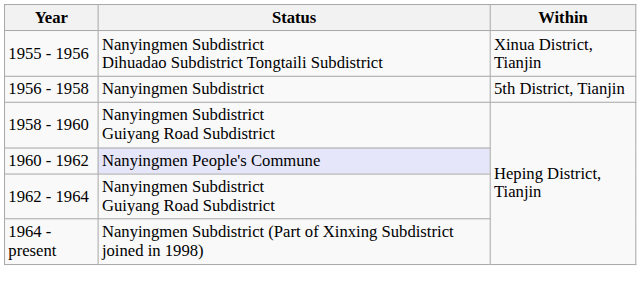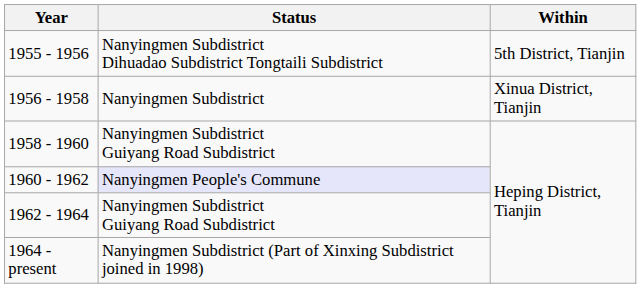 <table class="wikitable">
 <tr>
 <th>Year</th>
 <th>Status</th>
 <th>Within</th>
 </tr>
 <tr>
 <td>1955 - 1956</td>
 <td>Nanyingmen Subdistrict<br>Dihuadao Subdistrict Tongtaili Subdistrict</td>
-<td>Xinua District, Tianjin</td>
+<td>5th District, Tianjin</td>
 </tr>
 <tr>
 <td>1956 - 1958</td>
 <td>Nanyingmen Subdistrict</td>
-<td>5th District, Tianjin</td>
+<td>Xinua District, Tianjin</td>
 </tr>
 <tr>
 <td>1958 - 1960</td>
 <td>Nanyingmen Subdistrict<br>Guiyang Road Subdistrict</td>
 <td rowspan="4">Heping District, Tianjin</td>
 </tr>
 <tr>
 <td>1960 - 1962</td>
 <td style="background: lavender;">Nanyingmen People's Commune</td>
 </tr>
 <tr>
 <td>1962 - 1964</td>
 <td>Nanyingmen Subdistrict<br>Guiyang Road Subdistrict</td>
 </tr>
 <tr>
 <td>1964 - present</td>
 <td>Nanyingmen Subdistrict (Part of Xinxing Subdistrict joined in 1998)</td>
 </tr>
 </table>
